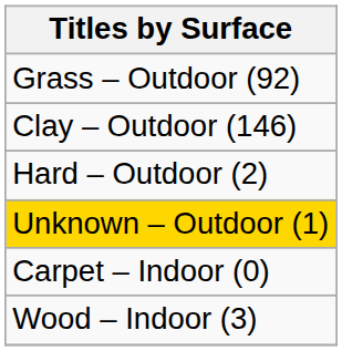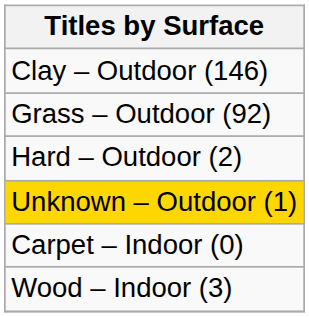 <table class="wikitable" style="display:inline-table;">
 <tr>
 <th>Titles by Surface</th>
 </tr>
 <tr>
-<td>Grass – Outdoor (92)</td>
+<td>Clay – Outdoor (146)</td>
 </tr>
 <tr>
-<td>Clay – Outdoor (146)</td>
+<td>Grass – Outdoor (92)</td>
 </tr>
 <tr>
 <td>Hard – Outdoor (2)</td>
 </tr>
 <tr>
 <td style="background: gold;">Unknown – Outdoor (1)</td>
 </tr>
 <tr>
 <td>Carpet – Indoor (0)</td>
 </tr>
 <tr>
 <td>Wood – Indoor (3)</td>
 </tr>
 <tr>
 </tr>
 </table>
